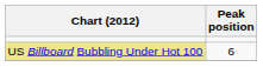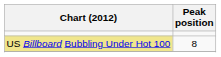 <table class="wikitable sortable">
 <tr>
 <th>Chart (2012)</th>
 <th>Peak<br>position</th>
 </tr>
 <tr>
 <td></td>
 </tr>
 <tr>
 <td style="background: khaki;">US <em><a href='#'>Billboard</a></em> <a href='#'>Bubbling Under Hot 100</a></td>
-<td align="center">6</td>
+<td align="center">8</td>
 </tr>
 <tr>
 </tr>
 <tr>
 </tr>
 </table>
